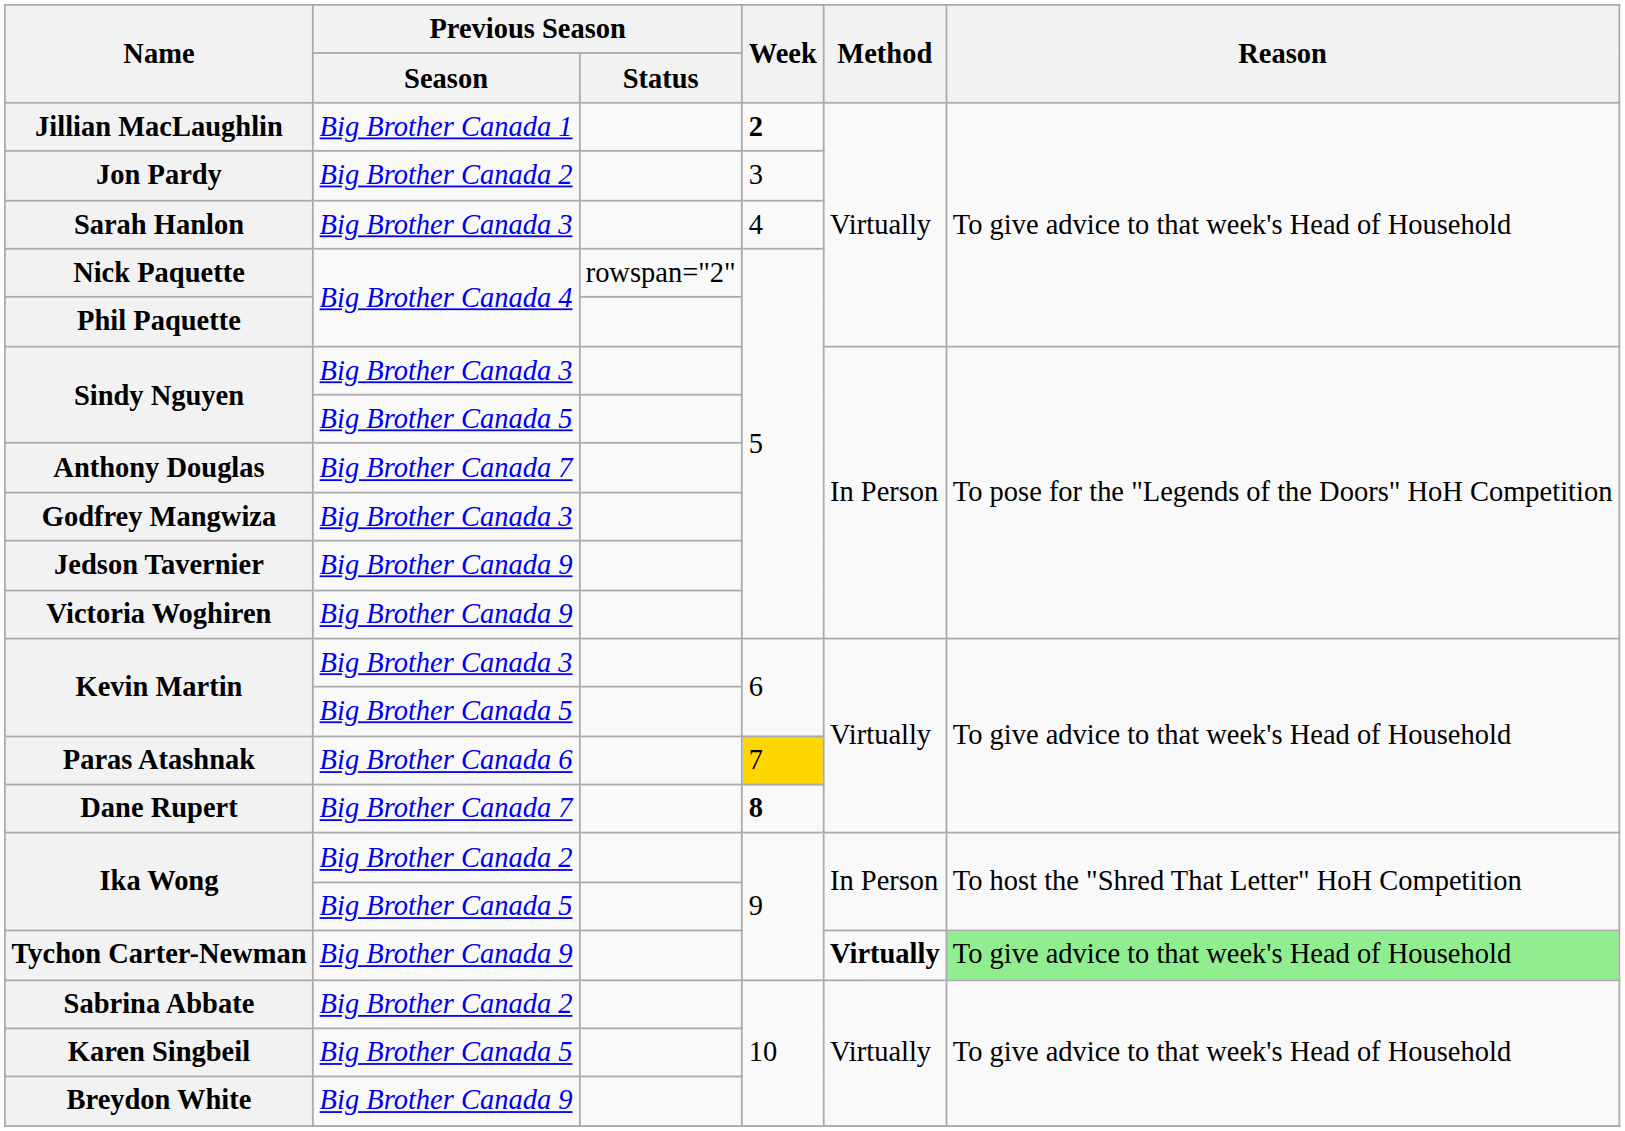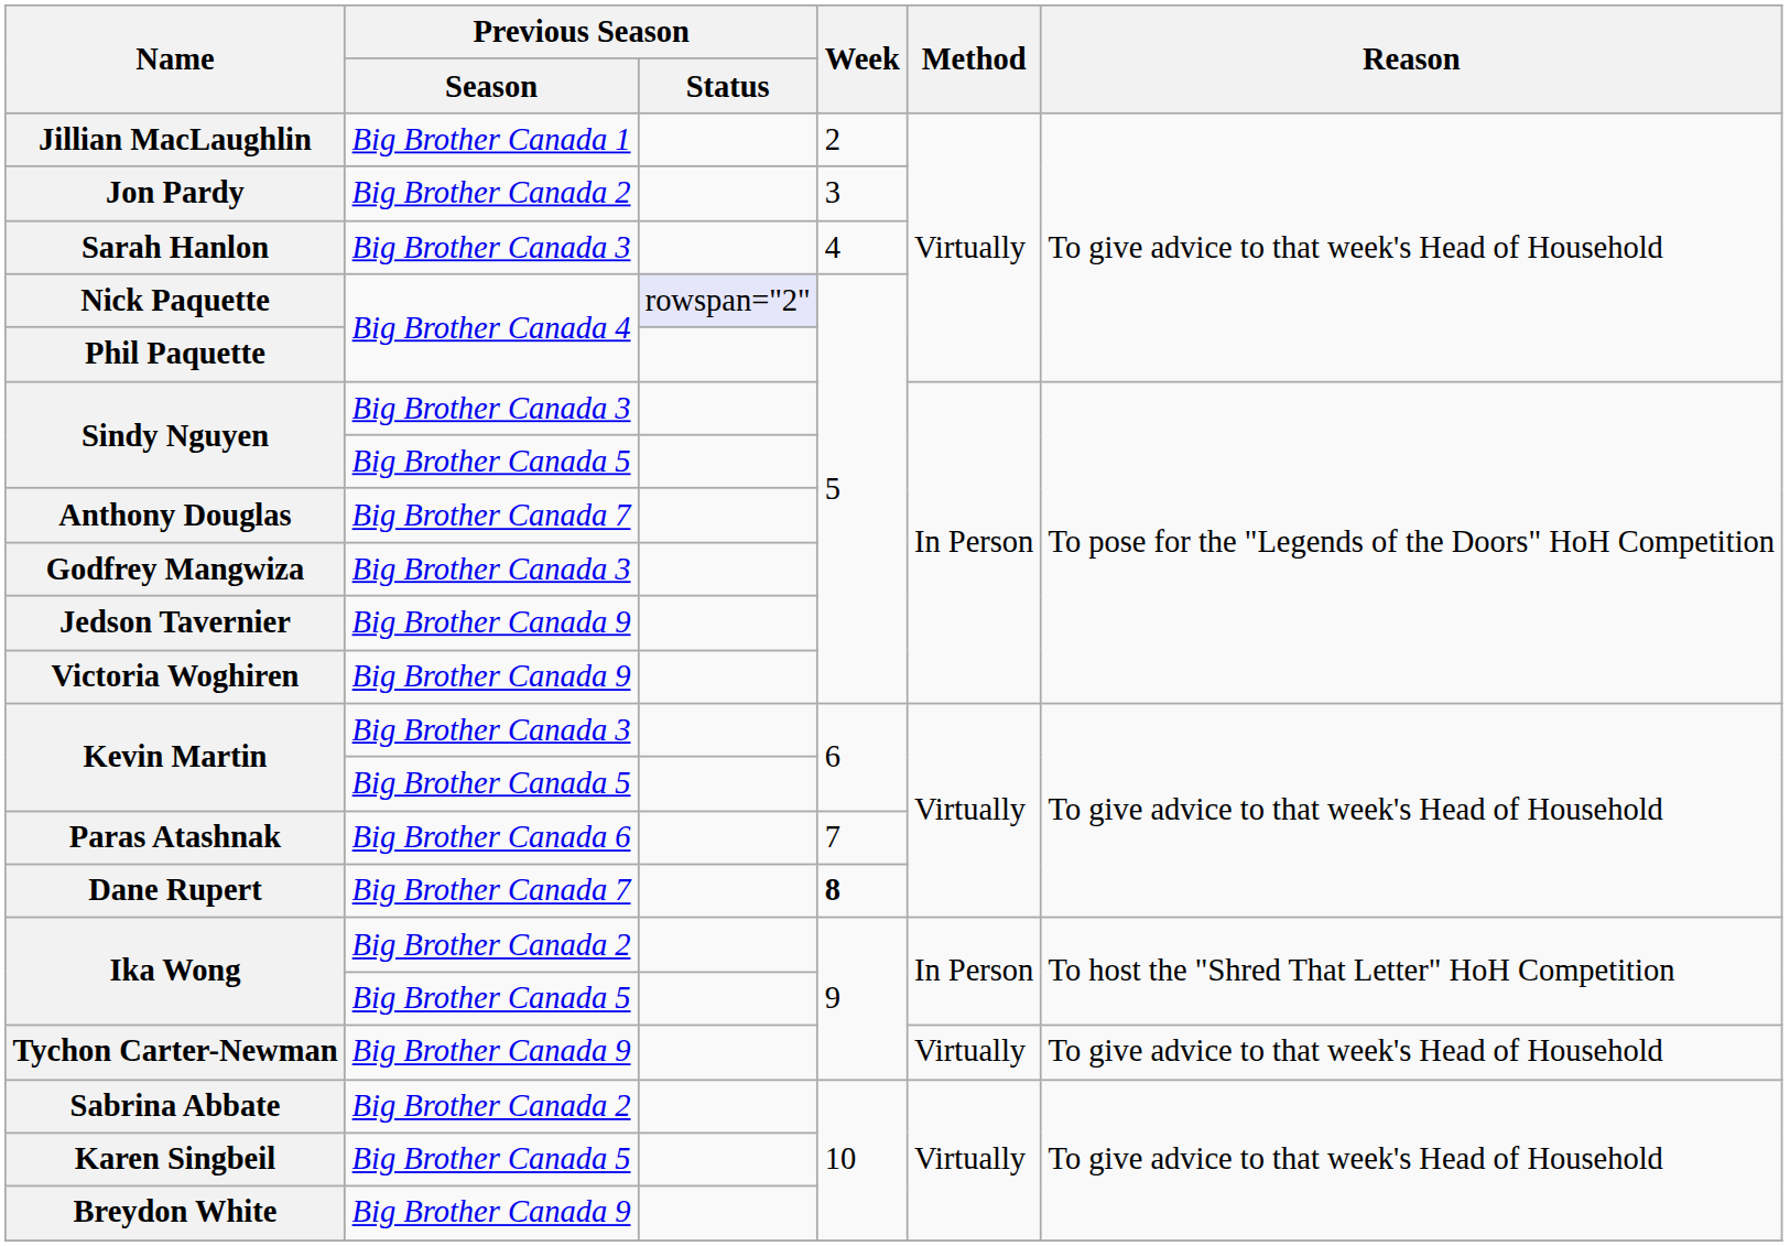 <table class="wikitable sortable" style="text-align:left; line-height:20px; width:auto;">
 <tr>
 <th scope="col" rowspan="2" class="unsortable">Name</th>
 <th scope="col" colspan="2" class="unsortable">Previous Season</th>
 <th rowspan="2">Week</th>
 <th rowspan="2" scope="col" class="unsortable">Method</th>
 <th scope="col" rowspan="2" class="unsortable">Reason</th>
 </tr>
 <tr>
 <th scope="col" class="unsortable">Season</th>
 <th scope="col" class="unsortable">Status</th>
 </tr>
 <tr>
 <th>Jillian MacLaughlin</th>
 <td><a href='#'><em>Big Brother Canada 1</em></a></td>
 <td></td>
-<td><strong>2</strong></td>
+<td>2</td>
 <td rowspan="5">Virtually</td>
 <td rowspan="5">To give advice to that week's Head of Household</td>
 </tr>
 <tr>
 <th>Jon Pardy</th>
 <td><a href='#'><em>Big Brother Canada 2</em></a></td>
 <td></td>
 <td>3</td>
 </tr>
 <tr>
 <th>Sarah Hanlon</th>
 <td><a href='#'><em>Big Brother Canada 3</em></a></td>
 <td></td>
 <td>4</td>
 </tr>
 <tr>
 <th>Nick Paquette</th>
 <td rowspan="2"><a href='#'><em>Big Brother Canada 4</em></a></td>
-<td>rowspan="2" </td>
+<td style="background: lavender;">rowspan="2" </td>
 <td rowspan="8">5</td>
 </tr>
 <tr>
 <th>Phil Paquette</th>
 </tr>
 <tr>
 <th rowspan="2">Sindy Nguyen</th>
 <td><a href='#'><em>Big Brother Canada 3</em></a></td>
 <td></td>
 <td rowspan="6">In Person</td>
 <td rowspan="6">To pose for the "Legends of the Doors" HoH Competition</td>
 </tr>
 <tr>
 <td><a href='#'><em>Big Brother Canada 5</em></a></td>
 <td></td>
 </tr>
 <tr>
 <th>Anthony Douglas</th>
 <td><a href='#'><em>Big Brother Canada 7</em></a></td>
 <td></td>
 </tr>
 <tr>
 <th>Godfrey Mangwiza</th>
 <td><a href='#'><em>Big Brother Canada 3</em></a></td>
 <td></td>
 </tr>
 <tr>
 <th>Jedson Tavernier</th>
 <td><a href='#'><em>Big Brother Canada 9</em></a></td>
 <td></td>
 </tr>
 <tr>
 <th>Victoria Woghiren</th>
 <td><a href='#'><em>Big Brother Canada 9</em></a></td>
 <td></td>
 </tr>
 <tr>
 <th rowspan="2">Kevin Martin</th>
 <td><a href='#'><em>Big Brother Canada 3</em></a></td>
 <td></td>
 <td rowspan="2">6</td>
 <td rowspan="4">Virtually</td>
 <td rowspan="4">To give advice to that week's Head of Household</td>
 </tr>
 <tr>
 <td><a href='#'><em>Big Brother Canada 5</em></a></td>
 <td></td>
 </tr>
 <tr>
 <th>Paras Atashnak</th>
 <td><em><a href='#'>Big Brother Canada 6</a></em></td>
 <td></td>
-<td style="background: gold;">7</td>
+<td>7</td>
 </tr>
 <tr>
 <th>Dane Rupert</th>
 <td><a href='#'><em>Big Brother Canada 7</em></a></td>
 <td></td>
 <td><strong>8</strong></td>
 </tr>
 <tr>
 <th rowspan="2">Ika Wong</th>
 <td><a href='#'><em>Big Brother Canada 2</em></a></td>
 <td></td>
 <td rowspan="3">9</td>
 <td rowspan="2">In Person</td>
 <td rowspan="2">To host the "Shred That Letter" HoH Competition</td>
 </tr>
 <tr>
 <td><a href='#'><em>Big Brother Canada 5</em></a></td>
 <td></td>
 </tr>
 <tr>
 <th>Tychon Carter-Newman</th>
 <td><a href='#'><em>Big Brother Canada 9</em></a></td>
 <td></td>
-<td><strong>Virtually</strong></td>
-<td style="background: lightgreen;">To give advice to that week's Head of Household</td>
+<td>Virtually</td>
+<td>To give advice to that week's Head of Household</td>
 </tr>
 <tr>
 <th>Sabrina Abbate</th>
 <td><a href='#'><em>Big Brother Canada 2</em></a></td>
 <td></td>
 <td rowspan="3">10</td>
 <td rowspan="3">Virtually</td>
 <td rowspan="3">To give advice to that week's Head of Household</td>
 </tr>
 <tr>
 <th>Karen Singbeil</th>
 <td><a href='#'><em>Big Brother Canada 5</em></a></td>
 <td></td>
 </tr>
 <tr>
 <th>Breydon White</th>
 <td><a href='#'><em>Big Brother Canada 9</em></a></td>
 <td></td>
 </tr>
 <tr>
 </tr>
 </table>
